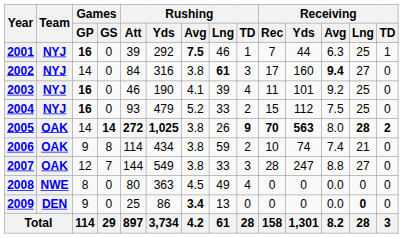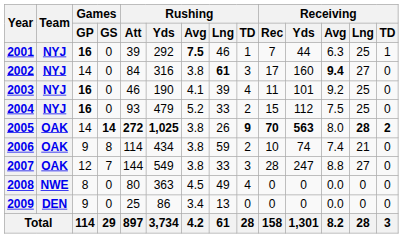 <table class="wikitable" style="text-align:center;">
 <tr>
 <th rowspan="2">Year</th>
 <th rowspan="2">Team</th>
 <th colspan="2">Games</th>
 <th colspan="5">Rushing</th>
 <th colspan="5">Receiving</th>
 </tr>
 <tr>
 <th>GP</th>
 <th>GS</th>
 <th>Att</th>
 <th>Yds</th>
 <th>Avg</th>
 <th>Lng</th>
 <th>TD</th>
 <th>Rec</th>
 <th>Yds</th>
 <th>Avg</th>
 <th>Lng</th>
 <th>TD</th>
 </tr>
 <tr>
 <th><a href='#'>2001</a></th>
 <th><a href='#'>NYJ</a></th>
 <td><strong>16</strong></td>
 <td>0</td>
 <td>39</td>
 <td>292</td>
 <td><strong>7.5</strong></td>
 <td>46</td>
 <td>1</td>
 <td>7</td>
 <td>44</td>
 <td>6.3</td>
 <td>25</td>
 <td>1</td>
 </tr>
 <tr>
 <th><a href='#'>2002</a></th>
 <th><a href='#'>NYJ</a></th>
 <td>14</td>
 <td>0</td>
 <td>84</td>
 <td>316</td>
 <td>3.8</td>
 <td><strong>61</strong></td>
 <td>3</td>
 <td>17</td>
 <td>160</td>
 <td><strong>9.4</strong></td>
 <td>27</td>
 <td>0</td>
 </tr>
 <tr>
 <th><a href='#'>2003</a></th>
 <th><a href='#'>NYJ</a></th>
 <td><strong>16</strong></td>
 <td>0</td>
 <td>46</td>
 <td>190</td>
 <td>4.1</td>
 <td>39</td>
 <td>4</td>
 <td>11</td>
 <td>101</td>
 <td>9.2</td>
 <td>25</td>
 <td>0</td>
 </tr>
 <tr>
 <th><a href='#'>2004</a></th>
 <th><a href='#'>NYJ</a></th>
 <td><strong>16</strong></td>
 <td>0</td>
 <td>93</td>
 <td>479</td>
 <td>5.2</td>
 <td>33</td>
 <td>2</td>
 <td>15</td>
 <td>112</td>
 <td>7.5</td>
 <td>25</td>
 <td>0</td>
 </tr>
 <tr>
 <th><a href='#'>2005</a></th>
 <th><a href='#'>OAK</a></th>
 <td>14</td>
 <td><strong>14</strong></td>
 <td><strong>272</strong></td>
 <td><strong>1,025</strong></td>
 <td>3.8</td>
 <td>26</td>
 <td><strong>9</strong></td>
 <td><strong>70</strong></td>
 <td><strong>563</strong></td>
 <td>8.0</td>
 <td><strong>28</strong></td>
 <td><strong>2</strong></td>
 </tr>
 <tr>
 <th><a href='#'>2006</a></th>
 <th><a href='#'>OAK</a></th>
 <td>9</td>
 <td>8</td>
 <td>114</td>
 <td>434</td>
 <td>3.8</td>
 <td>59</td>
 <td>2</td>
 <td>10</td>
 <td>74</td>
 <td>7.4</td>
 <td>21</td>
 <td>0</td>
 </tr>
 <tr>
 <th><a href='#'>2007</a></th>
 <th><a href='#'>OAK</a></th>
 <td>12</td>
 <td>7</td>
 <td>144</td>
 <td>549</td>
 <td>3.8</td>
 <td>33</td>
 <td>3</td>
 <td>28</td>
 <td>247</td>
 <td>8.8</td>
 <td>27</td>
 <td>0</td>
 </tr>
 <tr>
 <th><a href='#'>2008</a></th>
 <th><a href='#'>NWE</a></th>
 <td>8</td>
 <td>0</td>
 <td>80</td>
 <td>363</td>
 <td>4.5</td>
 <td>49</td>
 <td>4</td>
 <td>0</td>
 <td>0</td>
 <td>0.0</td>
 <td>0</td>
 <td>0</td>
 </tr>
 <tr>
 <th><a href='#'>2009</a></th>
 <th><a href='#'>DEN</a></th>
 <td>9</td>
 <td>0</td>
 <td>25</td>
 <td>86</td>
-<td><strong>3.4</strong></td>
+<td>3.4</td>
 <td>13</td>
 <td>0</td>
 <td>0</td>
 <td>0</td>
 <td>0.0</td>
-<td><strong>0</strong></td>
+<td>0</td>
 <td>0</td>
 </tr>
 <tr>
 <th colspan="2">Total</th>
 <th>114</th>
 <th>29</th>
 <th>897</th>
 <th>3,734</th>
 <th>4.2</th>
 <th>61</th>
 <th>28</th>
 <th>158</th>
 <th>1,301</th>
 <th>8.2</th>
 <th>28</th>
 <th>3</th>
 </tr>
 </table>
